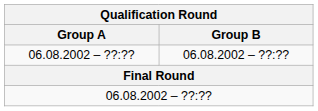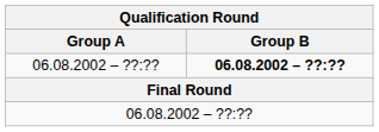 <table class="wikitable" style=" text-align:center; font-size:110%;" width="35%">
 <tr>
 <th colspan="2">Qualification Round</th>
 </tr>
 <tr>
 <th>Group A</th>
 <th>Group B</th>
 </tr>
 <tr>
 <td>06.08.2002 – ??:??</td>
-<td>06.08.2002 – ??:??</td>
+<td><strong>06.08.2002 – ??:??</strong></td>
 </tr>
 <tr>
 <th colspan="2">Final Round</th>
 </tr>
 <tr>
 <td colspan="2">06.08.2002 – ??:??</td>
 </tr>
 </table>
